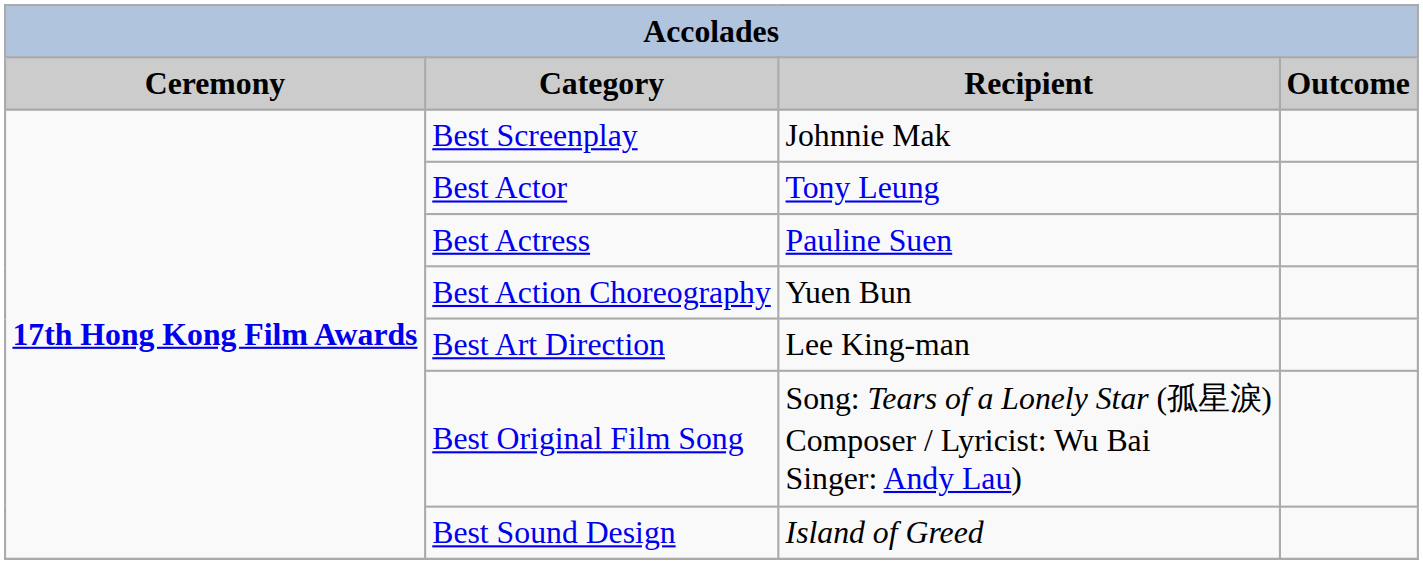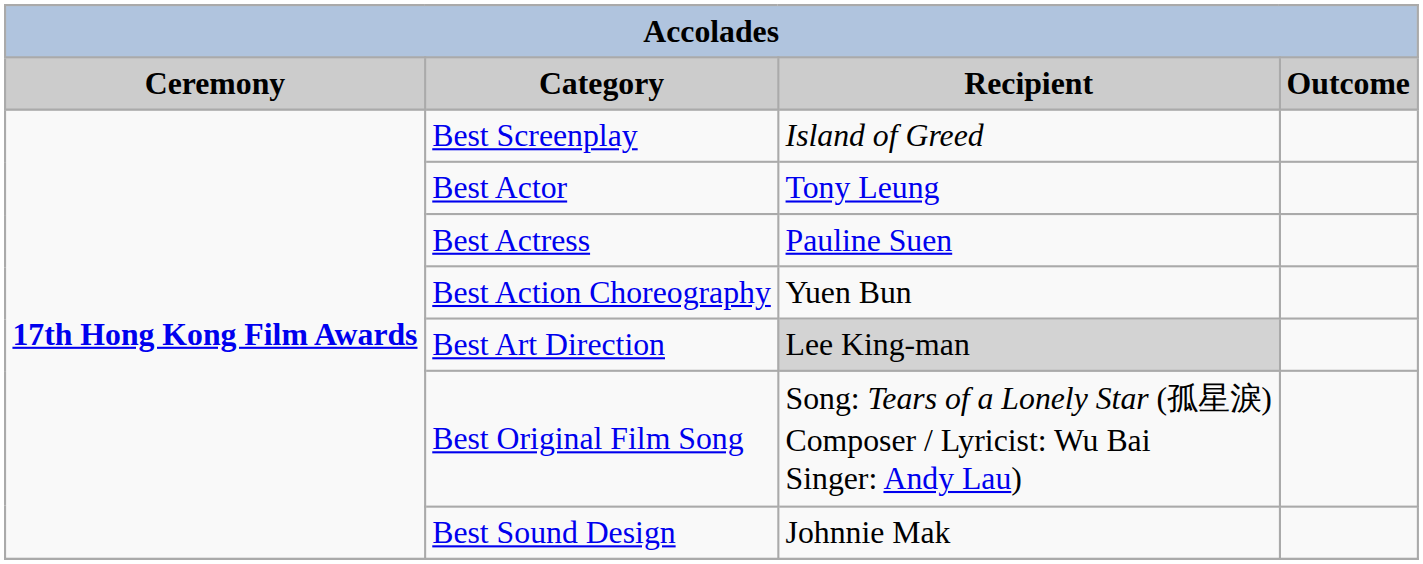 <table class="wikitable" style="font-size:95%">
 <tr style="background:#ccc; text-align:center;">
 <th colspan="4" style="background: LightSteelBlue;">Accolades</th>
 </tr>
 <tr style="background:#ccc; text-align:center;">
 <th style="background:#ccc">Ceremony</th>
 <th style="background:#ccc">Category</th>
 <th style="background:#ccc">Recipient</th>
 <th style="background:#ccc">Outcome</th>
 </tr>
 <tr>
 <td rowspan=7><strong><a href='#'>17th Hong Kong Film Awards</a></strong></td>
 <td><a href='#'>Best Screenplay</a></td>
-<td>Johnnie Mak</td>
+<td><em>Island of Greed</em></td>
 <td></td>
 </tr>
 <tr>
 <td><a href='#'>Best Actor</a></td>
 <td><a href='#'>Tony Leung</a></td>
 <td></td>
 </tr>
 <tr>
 <td><a href='#'>Best Actress</a></td>
 <td><a href='#'>Pauline Suen</a></td>
 <td></td>
 </tr>
 <tr>
 <td><a href='#'>Best Action Choreography</a></td>
 <td>Yuen Bun</td>
 <td></td>
 </tr>
 <tr>
 <td><a href='#'>Best Art Direction</a></td>
-<td>Lee King-man</td>
+<td style="background: lightgrey;">Lee King-man</td>
 <td></td>
 </tr>
 <tr>
 <td><a href='#'>Best Original Film Song</a></td>
 <td>Song: <em>Tears of a Lonely Star</em> (孤星淚)<br>Composer / Lyricist: Wu Bai <br>Singer: <a href='#'>Andy Lau</a>)</td>
 <td></td>
 </tr>
 <tr>
 <td><a href='#'>Best Sound Design</a></td>
-<td><em>Island of Greed</em></td>
+<td>Johnnie Mak</td>
 <td></td>
 </tr>
 <tr>
 </tr>
 </table>
